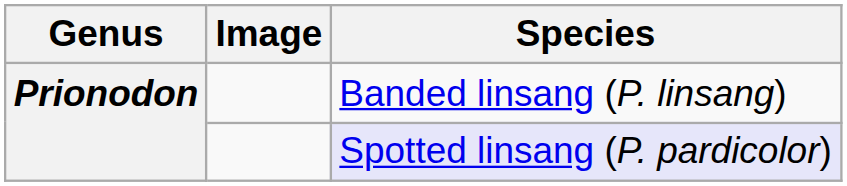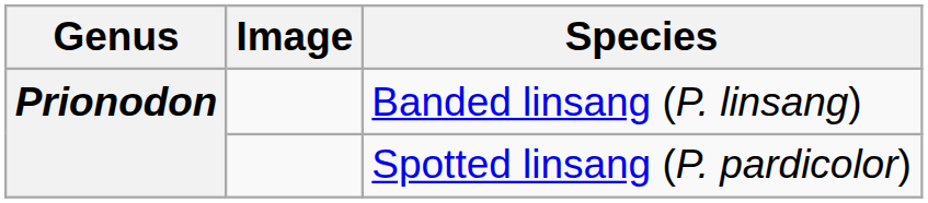 <table class="wikitable">
 <tr>
 <th>Genus</th>
 <th>Image</th>
 <th>Species</th>
 </tr>
 <tr style="vertical-align:top;">
 <th rowspan="2" style="text-align:center;"><em>Prionodon</em></th>
 <td></td>
 <td><a href='#'>Banded linsang</a> (<em>P. linsang</em>) </td>
 </tr>
 <tr style="vertical-align:top;">
 <td></td>
-<td style="background: lavender;"><a href='#'>Spotted linsang</a> (<em>P. pardicolor</em>) </td>
+<td><a href='#'>Spotted linsang</a> (<em>P. pardicolor</em>) </td>
 </tr>
 </table>
